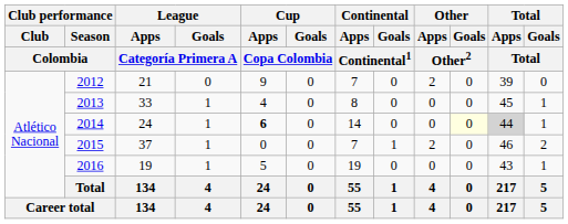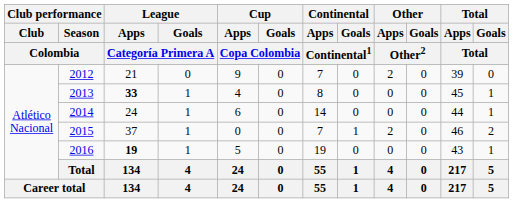 <table class="wikitable" style="text-align:center">
 <tr>
 <th colspan=2>Club performance</th>
 <th colspan=2>League</th>
 <th colspan=2>Cup</th>
 <th colspan=2>Continental</th>
 <th colspan=2>Other</th>
 <th colspan=2>Total</th>
 </tr>
 <tr>
 <th>Club</th>
 <th>Season</th>
 <th>Apps</th>
 <th>Goals</th>
 <th>Apps</th>
 <th>Goals</th>
 <th>Apps</th>
 <th>Goals</th>
 <th>Apps</th>
 <th>Goals</th>
 <th>Apps</th>
 <th>Goals</th>
 </tr>
 <tr>
 <th colspan=2>Colombia</th>
 <th colspan=2><a href='#'>Categoría Primera A</a></th>
 <th colspan=2><a href='#'>Copa Colombia</a></th>
 <th colspan=2>Continental<sup>1</sup></th>
 <th colspan=2>Other<sup>2</sup></th>
 <th colspan=2>Total</th>
 </tr>
 <tr>
 <td rowspan="6"><a href='#'>Atlético<br>Nacional</a></td>
 <td><a href='#'>2012</a></td>
 <td>21</td>
 <td>0</td>
 <td>9</td>
 <td>0</td>
 <td>7</td>
 <td>0</td>
 <td>2</td>
 <td>0</td>
 <td>39</td>
 <td>0</td>
 </tr>
 <tr>
 <td><a href='#'>2013</a></td>
-<td>33</td>
+<td><strong>33</strong></td>
 <td>1</td>
 <td>4</td>
 <td>0</td>
 <td>8</td>
 <td>0</td>
 <td>0</td>
 <td>0</td>
 <td>45</td>
 <td>1</td>
 </tr>
 <tr>
 <td><a href='#'>2014</a></td>
 <td>24</td>
 <td>1</td>
-<td><strong>6</strong></td>
+<td>6</td>
 <td>0</td>
 <td>14</td>
 <td>0</td>
 <td>0</td>
-<td style="background: lightyellow;">0</td>
-<td style="background: lightgrey;">44</td>
+<td>0</td>
+<td>44</td>
 <td>1</td>
 </tr>
 <tr>
 <td><a href='#'>2015</a></td>
 <td>37</td>
 <td>1</td>
 <td>0</td>
 <td>0</td>
 <td>7</td>
 <td>1</td>
 <td>2</td>
 <td>0</td>
 <td>46</td>
 <td>2</td>
 </tr>
 <tr>
 <td><a href='#'>2016</a></td>
-<td>19</td>
+<td><strong>19</strong></td>
 <td>1</td>
 <td>5</td>
 <td>0</td>
 <td>19</td>
 <td>0</td>
 <td>0</td>
 <td>0</td>
 <td>43</td>
 <td>1</td>
 </tr>
 <tr>
 <th rowspan=1>Total</th>
 <th>134</th>
 <th>4</th>
 <th>24</th>
 <th>0</th>
 <th>55</th>
 <th>1</th>
 <th>4</th>
 <th>0</th>
 <th>217</th>
 <th>5</th>
 </tr>
 <tr>
 <th colspan=2>Career total</th>
 <th>134</th>
 <th>4</th>
 <th>24</th>
 <th>0</th>
 <th>55</th>
 <th>1</th>
 <th>4</th>
 <th>0</th>
 <th>217</th>
 <th>5</th>
 </tr>
 </table>
